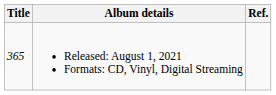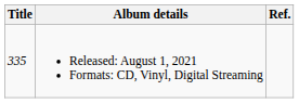 <table class="wikitable">
 <tr>
 <th>Title</th>
 <th>Album details</th>
 <th>Ref.</th>
 </tr>
 <tr>
-<td><em>365</em></td>
+<td><em>335</em></td>
 <td><br><ul><li>Released: August 1, 2021</li><li>Formats: CD, Vinyl, Digital Streaming</li></ul></td>
 <td></td>
 </tr>
 </table>
